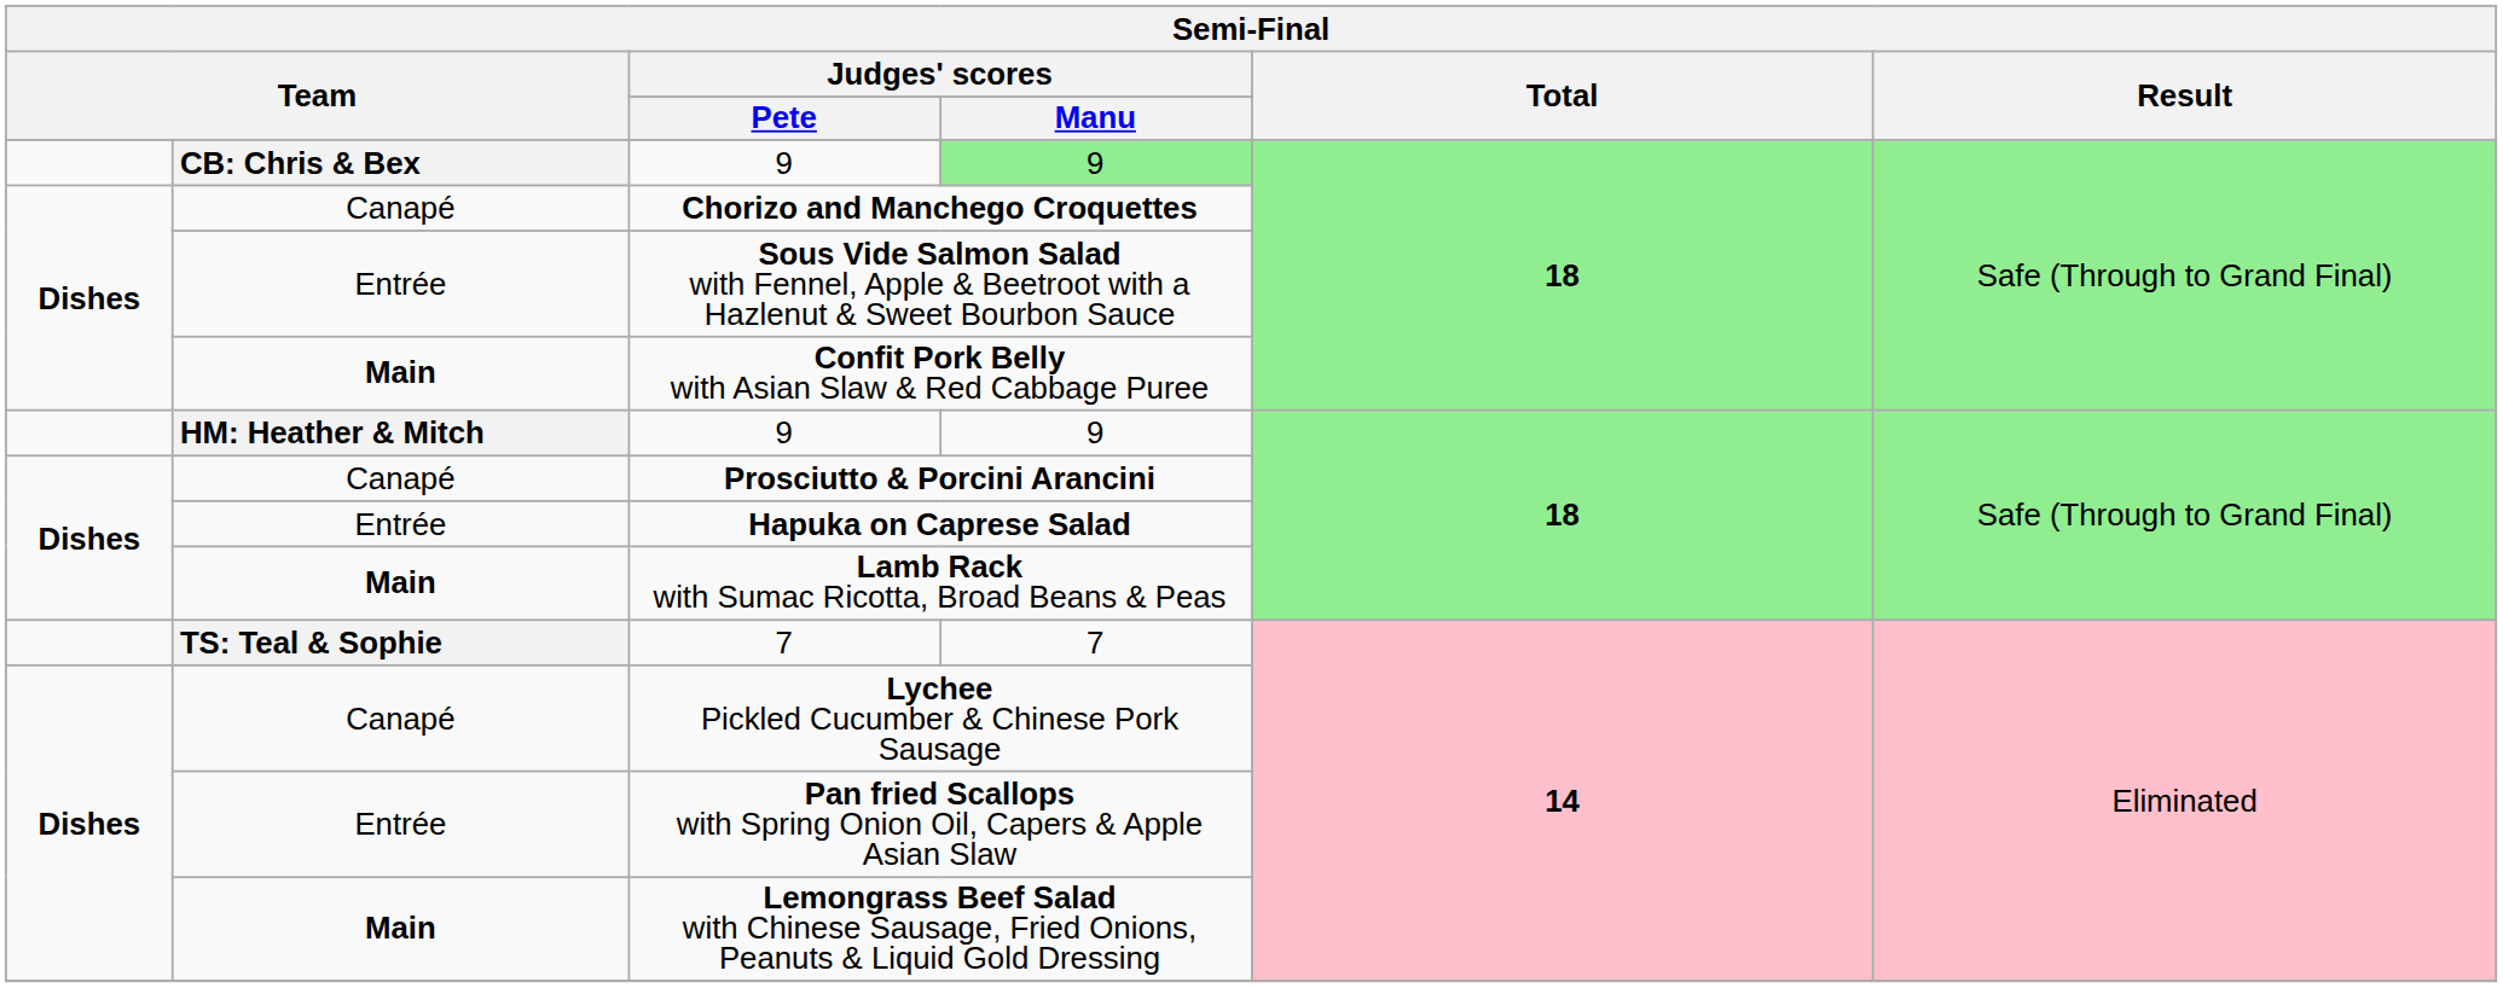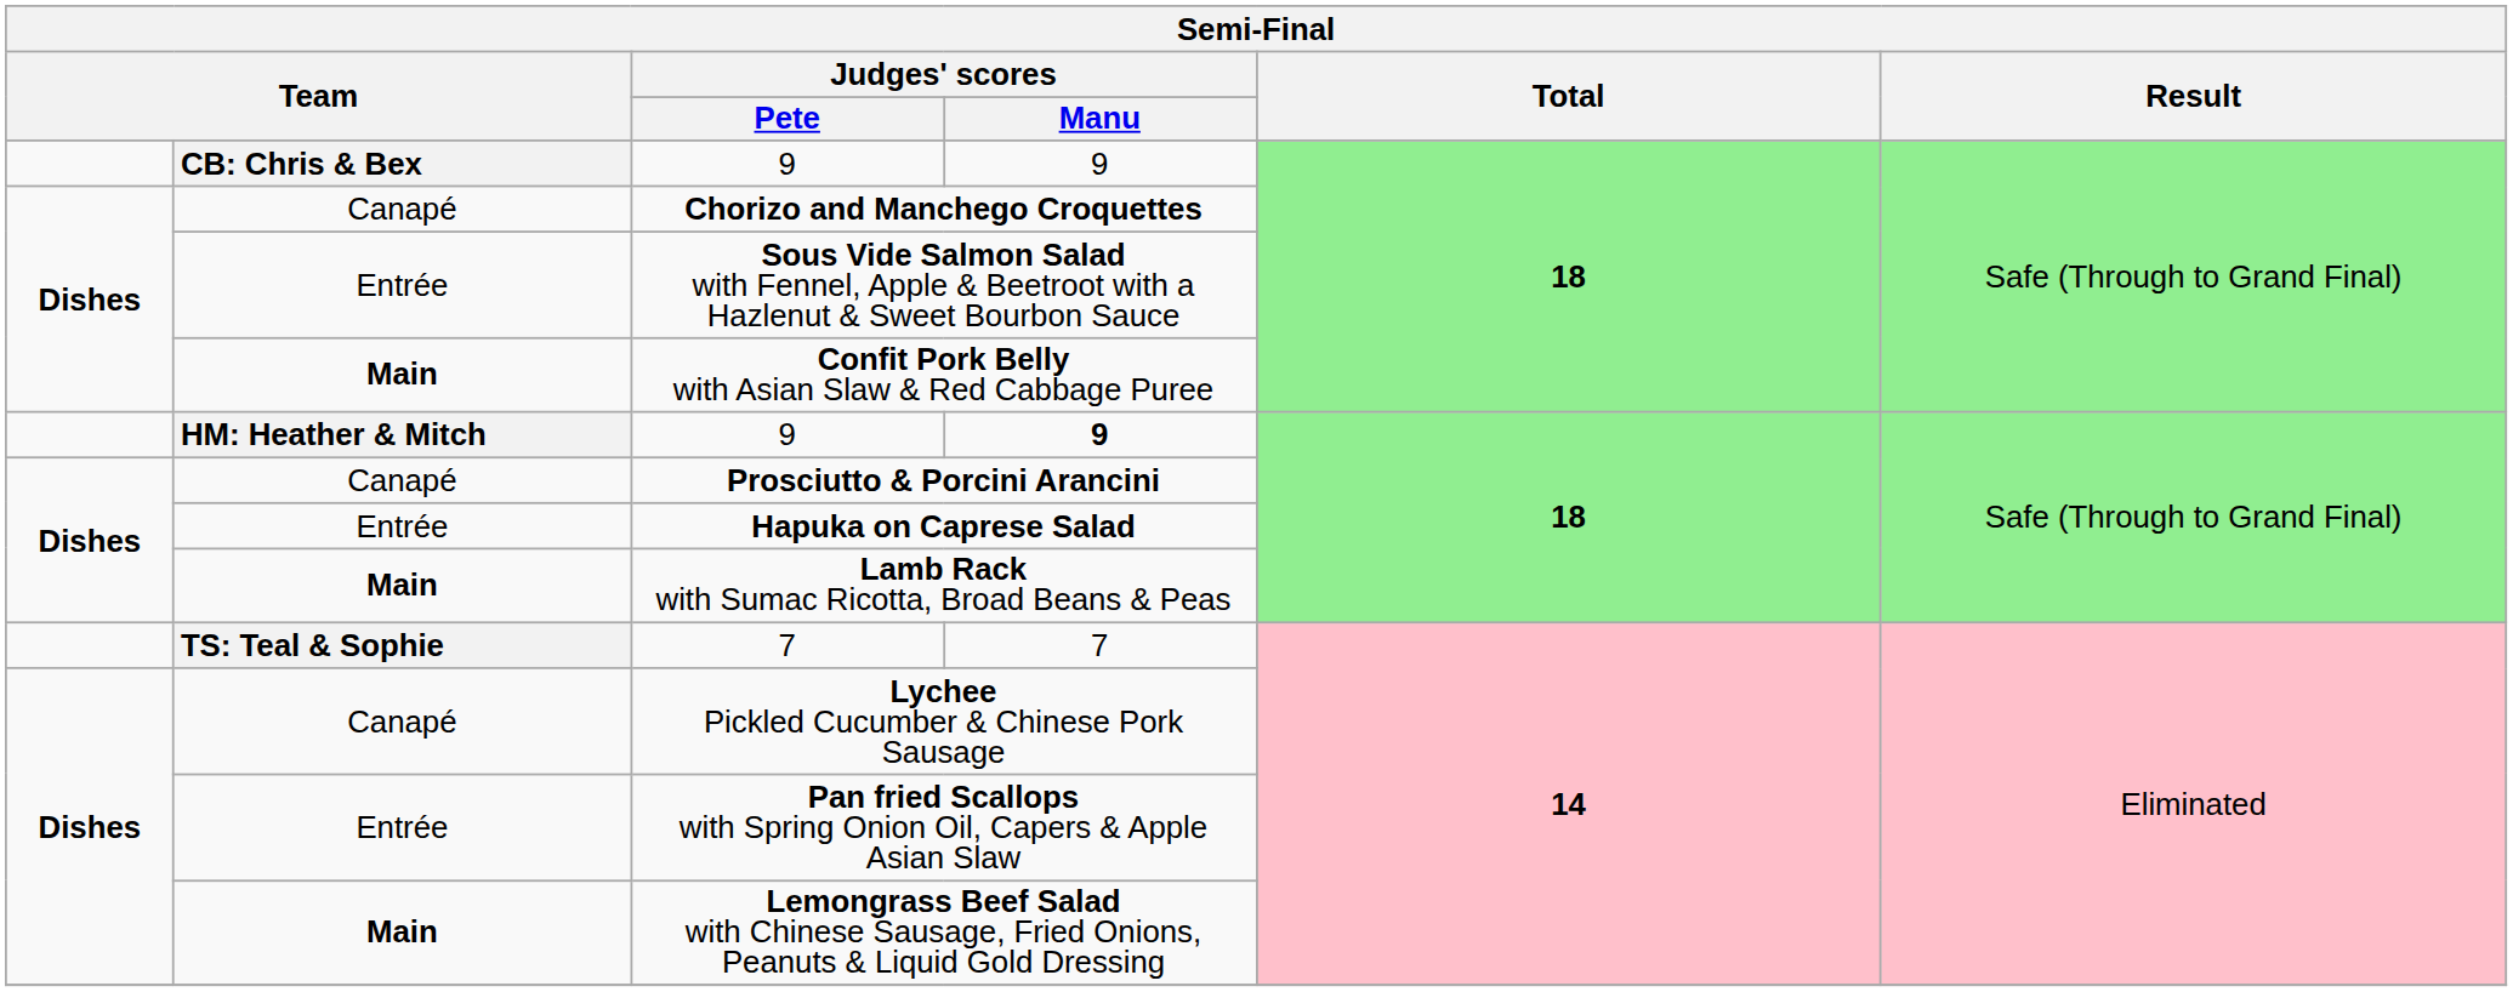 <table class="wikitable" style="text-align: center; font-size: 90%; line-height:14px; width:80em;">
 <tr>
 <th colspan="10" >Semi-Final</th>
 </tr>
 <tr>
 <th rowspan="2" style="width:25%;" colspan="2">Team</th>
 <th colspan="2" style="with:50%;">Judges' scores</th>
 <th rowspan="2" style="width:25%;">Total<br></th>
 <th rowspan="2" style="width:25%;">Result</th>
 </tr>
 <tr>
 <th colspan="1" style="width:40px;"><a href='#'>Pete</a></th>
 <th colspan="1" style="width:40px;"><a href='#'>Manu</a></th>
 </tr>
 <tr>
 <td></td>
 <th scope="row" style="text-align:left;"><strong>CB: Chris & Bex</strong></th>
 <td>9</td>
-<td style="background: lightgreen;">9</td>
+<td>9</td>
 <td rowspan="4" bgcolor="lightgreen"><strong>18</strong></td>
 <td rowspan="4" bgcolor="lightgreen">Safe (Through to Grand Final)</td>
 </tr>
 <tr>
 <td rowspan="3"><strong>Dishes</strong></td>
 <td>Canapé</td>
 <td colspan="2"><strong>Chorizo and Manchego Croquettes</strong></td>
 </tr>
 <tr>
 <td>Entrée</td>
 <td colspan="2"><strong>Sous Vide Salmon Salad</strong><br>with Fennel, Apple & Beetroot with a Hazlenut & Sweet Bourbon Sauce</td>
 </tr>
 <tr>
 <td><strong>Main</strong></td>
 <td colspan="2"><strong>Confit Pork Belly</strong><br>with Asian Slaw & Red Cabbage Puree</td>
 </tr>
 <tr>
 <td></td>
 <th scope="row" style="text-align:left;"><strong>HM: Heather & Mitch</strong></th>
 <td>9</td>
-<td>9</td>
+<td><strong>9</strong></td>
 <td rowspan="4" bgcolor="lightgreen"><strong>18</strong></td>
 <td rowspan="4" bgcolor="lightgreen">Safe (Through to Grand Final)</td>
 </tr>
 <tr>
 <td rowspan="3"><strong>Dishes</strong></td>
 <td>Canapé</td>
 <td colspan="2"><strong>Prosciutto & Porcini Arancini</strong></td>
 </tr>
 <tr>
 <td>Entrée</td>
 <td colspan="2"><strong>Hapuka on Caprese Salad</strong></td>
 </tr>
 <tr>
 <td><strong>Main</strong></td>
 <td colspan="2"><strong>Lamb Rack</strong><br>with Sumac Ricotta, Broad Beans & Peas</td>
 </tr>
 <tr>
 <td></td>
 <th scope="row" style="text-align:left;"><strong>TS: Teal & Sophie</strong></th>
 <td>7</td>
 <td>7</td>
 <td rowspan="4" bgcolor="pink"><strong>14</strong></td>
 <td rowspan="4" bgcolor="pink">Eliminated </td>
 </tr>
 <tr>
 <td rowspan="3"><strong>Dishes</strong></td>
 <td>Canapé</td>
 <td colspan="2"><strong>Lychee</strong><br>Pickled Cucumber & Chinese Pork Sausage</td>
 </tr>
 <tr>
 <td>Entrée</td>
 <td colspan="2"><strong>Pan fried Scallops</strong><br>with Spring Onion Oil, Capers & Apple Asian Slaw</td>
 </tr>
 <tr>
 <td><strong>Main</strong></td>
 <td colspan="2"><strong>Lemongrass Beef Salad</strong><br>with Chinese Sausage, Fried Onions, Peanuts & Liquid Gold Dressing</td>
 </tr>
 <tr>
 </tr>
 </table>
